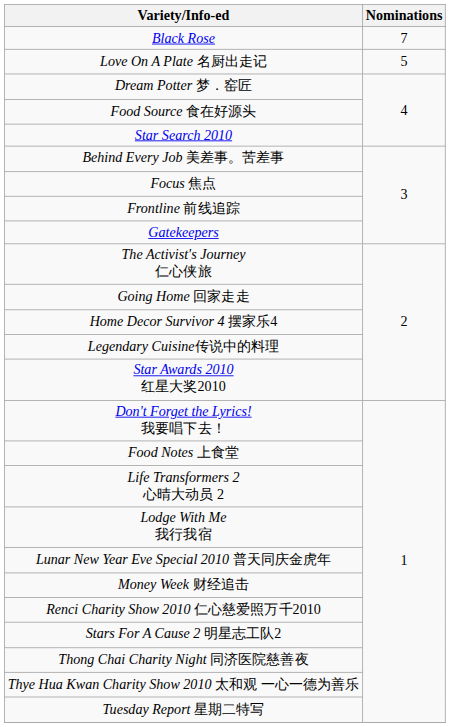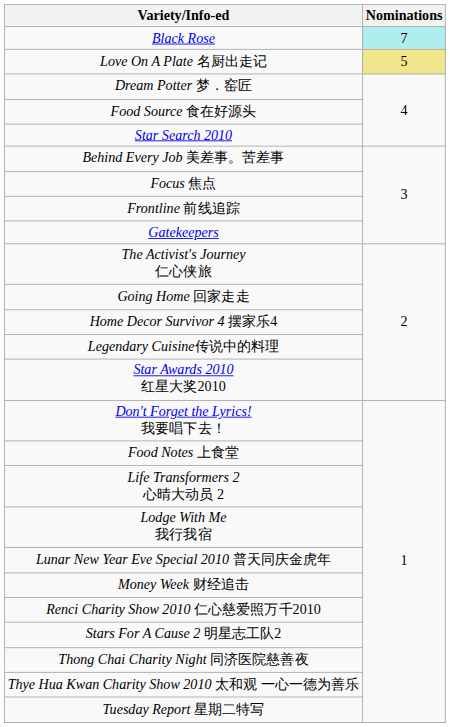 <table class="wikitable" style="text-align: center">
 <tr>
 <th>Variety/Info-ed</th>
 <th>Nominations</th>
 </tr>
 <tr>
 <td><em><a href='#'>Black Rose</a></em></td>
-<td>7</td>
+<td style="background: paleturquoise;">7</td>
 </tr>
 <tr>
 <td><em>Love On A Plate</em> 名厨出走记</td>
-<td>5</td>
+<td style="background: khaki;">5</td>
 </tr>
 <tr>
 <td><em>Dream Potter</em> 梦．窑匠</td>
 <td rowspan=3>4</td>
 </tr>
 <tr>
 <td><em>Food Source</em> 食在好源头</td>
 </tr>
 <tr>
 <td><em><a href='#'>Star Search 2010</a></em></td>
 </tr>
 <tr>
 <td><em>Behind Every Job</em> 美差事。苦差事</td>
 <td rowspan=4>3</td>
 </tr>
 <tr>
 <td><em>Focus</em> 焦点</td>
 </tr>
 <tr>
 <td><em>Frontline</em> 前线追踪</td>
 </tr>
 <tr>
 <td><em><a href='#'>Gatekeepers</a></em></td>
 </tr>
 <tr>
 <td><em>The Activist's Journey</em> <br>仁心侠旅</td>
 <td rowspan=5>2</td>
 </tr>
 <tr>
 <td><em>Going Home</em> 回家走走</td>
 </tr>
 <tr>
 <td><em>Home Decor Survivor 4</em> 摆家乐4</td>
 </tr>
 <tr>
 <td><em>Legendary Cuisine</em>传说中的料理</td>
 </tr>
 <tr>
 <td><em><a href='#'>Star Awards 2010</a></em> <br>红星大奖2010</td>
 </tr>
 <tr>
 <td><em><a href='#'>Don't Forget the Lyrics!</a></em> <br>我要唱下去！</td>
 <td rowspan=11>1</td>
 </tr>
 <tr>
 <td><em>Food Notes</em> 上食堂</td>
 </tr>
 <tr>
 <td><em>Life Transformers 2</em><br> 心晴大动员 2</td>
 </tr>
 <tr>
 <td><em>Lodge With Me</em> <br>我行我宿</td>
 </tr>
 <tr>
 <td><em>Lunar New Year Eve Special 2010</em> 普天同庆金虎年</td>
 </tr>
 <tr>
 <td><em>Money Week</em> 财经追击</td>
 </tr>
 <tr>
 <td><em>Renci Charity Show 2010</em> 仁心慈爱照万千2010</td>
 </tr>
 <tr>
 <td><em>Stars For A Cause 2</em> 明星志工队2</td>
 </tr>
 <tr>
 <td><em>Thong Chai Charity Night</em> 同济医院慈善夜</td>
 </tr>
 <tr>
 <td><em>Thye Hua Kwan Charity Show 2010</em> 太和观 一心一德为善乐</td>
 </tr>
 <tr>
 <td><em>Tuesday Report</em> 星期二特写</td>
 </tr>
 <tr>
 </tr>
 </table>
